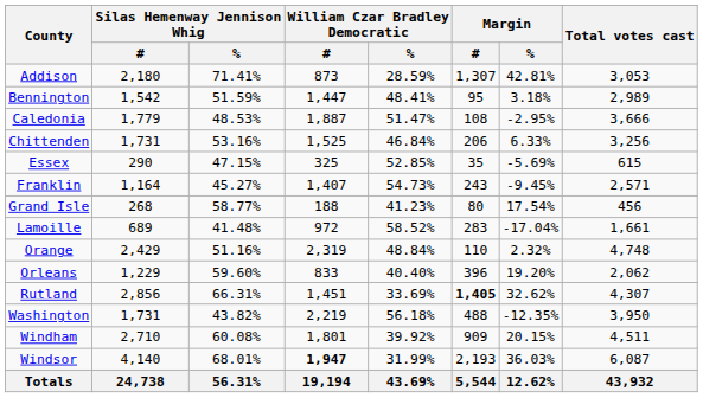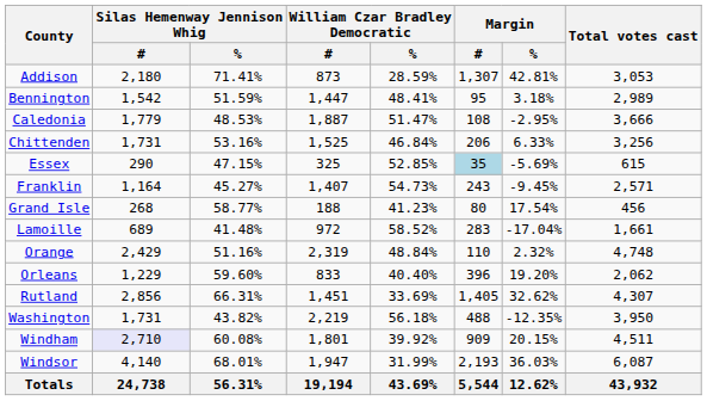 <table class="wikitable sortable" style="text-align:center">
 <tr>
 <th style="text-align:center;" rowspan="2">County</th>
 <th style="text-align:center;" colspan="2">Silas Hemenway Jennison<br>Whig</th>
 <th style="text-align:center;" colspan="2">William Czar Bradley<br>Democratic</th>
 <th style="text-align:center;" colspan="2">Margin</th>
 <th style="text-align:center;" rowspan="2">Total votes cast</th>
 </tr>
 <tr>
 <th data-sort-type="number">#</th>
 <th data-sort-type="number">%</th>
 <th data-sort-type="number">#</th>
 <th data-sort-type="number">%</th>
 <th data-sort-type="number">#</th>
 <th data-sort-type="number">%</th>
 </tr>
 <tr style="text-align:center;">
 <td><a href='#'>Addison</a></td>
 <td>2,180</td>
 <td>71.41%</td>
 <td>873</td>
 <td>28.59%</td>
 <td>1,307</td>
 <td>42.81%</td>
 <td>3,053</td>
 </tr>
 <tr style="text-align:center;">
 <td><a href='#'>Bennington</a></td>
 <td>1,542</td>
 <td>51.59%</td>
 <td>1,447</td>
 <td>48.41%</td>
 <td>95</td>
 <td>3.18%</td>
 <td>2,989</td>
 </tr>
 <tr style="text-align:center;">
 <td><a href='#'>Caledonia</a></td>
 <td>1,779</td>
 <td>48.53%</td>
 <td>1,887</td>
 <td>51.47%</td>
 <td>108</td>
 <td>-2.95%</td>
 <td>3,666</td>
 </tr>
 <tr style="text-align:center;">
 <td><a href='#'>Chittenden</a></td>
 <td>1,731</td>
 <td>53.16%</td>
 <td>1,525</td>
 <td>46.84%</td>
 <td>206</td>
 <td>6.33%</td>
 <td>3,256</td>
 </tr>
 <tr style="text-align:center;">
 <td><a href='#'>Essex</a></td>
 <td>290</td>
 <td>47.15%</td>
 <td>325</td>
 <td>52.85%</td>
-<td>35</td>
+<td style="background: lightblue;">35</td>
 <td>-5.69%</td>
 <td>615</td>
 </tr>
 <tr style="text-align:center;">
 <td><a href='#'>Franklin</a></td>
 <td>1,164</td>
 <td>45.27%</td>
 <td>1,407</td>
 <td>54.73%</td>
 <td>243</td>
 <td>-9.45%</td>
 <td>2,571</td>
 </tr>
 <tr style="text-align:center;">
 <td><a href='#'>Grand Isle</a></td>
 <td>268</td>
 <td>58.77%</td>
 <td>188</td>
 <td>41.23%</td>
 <td>80</td>
 <td>17.54%</td>
 <td>456</td>
 </tr>
 <tr style="text-align:center;">
 <td><a href='#'>Lamoille</a></td>
 <td>689</td>
 <td>41.48%</td>
 <td>972</td>
 <td>58.52%</td>
 <td>283</td>
 <td>-17.04%</td>
 <td>1,661</td>
 </tr>
 <tr style="text-align:center;">
 <td><a href='#'>Orange</a></td>
 <td>2,429</td>
 <td>51.16%</td>
 <td>2,319</td>
 <td>48.84%</td>
 <td>110</td>
 <td>2.32%</td>
 <td>4,748</td>
 </tr>
 <tr style="text-align:center;">
 <td><a href='#'>Orleans</a></td>
 <td>1,229</td>
 <td>59.60%</td>
 <td>833</td>
 <td>40.40%</td>
 <td>396</td>
 <td>19.20%</td>
 <td>2,062</td>
 </tr>
 <tr style="text-align:center;">
 <td><a href='#'>Rutland</a></td>
 <td>2,856</td>
 <td>66.31%</td>
 <td>1,451</td>
 <td>33.69%</td>
-<td><strong>1,405</strong></td>
+<td>1,405</td>
 <td>32.62%</td>
 <td>4,307</td>
 </tr>
 <tr style="text-align:center;">
 <td><a href='#'>Washington</a></td>
 <td>1,731</td>
 <td>43.82%</td>
 <td>2,219</td>
 <td>56.18%</td>
 <td>488</td>
 <td>-12.35%</td>
 <td>3,950</td>
 </tr>
 <tr style="text-align:center;">
 <td><a href='#'>Windham</a></td>
-<td>2,710</td>
+<td style="background: lavender;">2,710</td>
 <td>60.08%</td>
 <td>1,801</td>
 <td>39.92%</td>
 <td>909</td>
 <td>20.15%</td>
 <td>4,511</td>
 </tr>
 <tr style="text-align:center;">
 <td><a href='#'>Windsor</a></td>
 <td>4,140</td>
 <td>68.01%</td>
-<td><strong>1,947</strong></td>
+<td>1,947</td>
 <td>31.99%</td>
 <td>2,193</td>
 <td>36.03%</td>
 <td>6,087</td>
 </tr>
 <tr style="text-align:center;">
 <th>Totals</th>
 <th>24,738</th>
 <th>56.31%</th>
 <th>19,194</th>
 <th>43.69%</th>
 <th>5,544</th>
 <th>12.62%</th>
 <th>43,932</th>
 </tr>
 </table>
